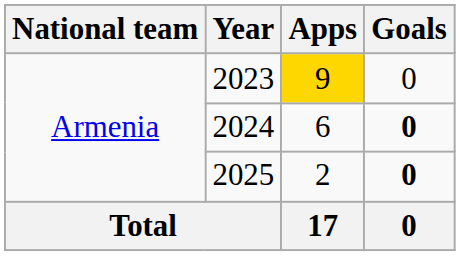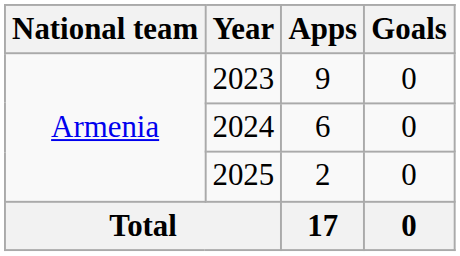 <table class="wikitable" style="text-align:center">
 <tr>
 <th>National team</th>
 <th>Year</th>
 <th>Apps</th>
 <th>Goals</th>
 </tr>
 <tr>
 <td rowspan="3"><a href='#'>Armenia</a></td>
 <td>2023</td>
-<td style="background: gold;">9</td>
+<td>9</td>
 <td>0</td>
 </tr>
 <tr>
 <td>2024</td>
 <td>6</td>
-<td><strong>0</strong></td>
+<td>0</td>
 </tr>
 <tr>
 <td>2025</td>
 <td>2</td>
-<td><strong>0</strong></td>
+<td>0</td>
 </tr>
 <tr>
 <th colspan="2">Total</th>
 <th>17</th>
 <th>0</th>
 </tr>
 </table>
